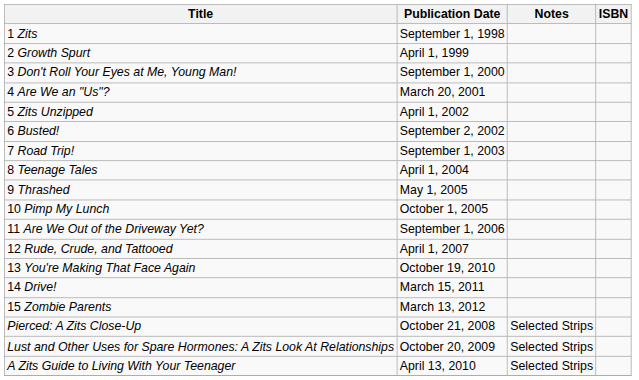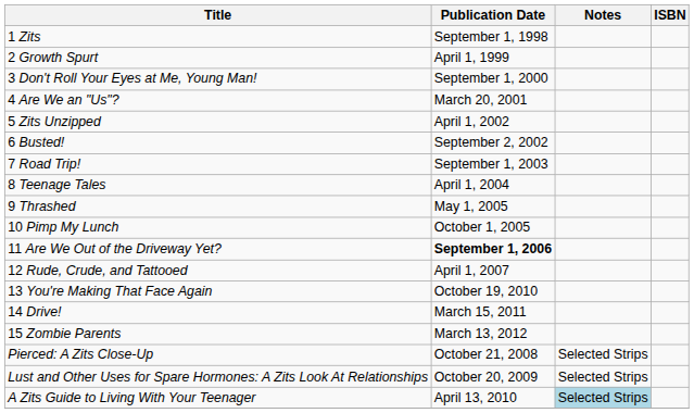 <table class="wikitable" and numbers>
 <tr>
 <th>Title</th>
 <th>Publication Date</th>
 <th>Notes</th>
 <th>ISBN</th>
 </tr>
 <tr>
 <td>1 <em>Zits</em></td>
 <td>September 1, 1998</td>
 <td></td>
 <td></td>
 </tr>
 <tr>
 <td>2 <em>Growth Spurt</em></td>
 <td>April 1, 1999</td>
 <td></td>
 <td></td>
 </tr>
 <tr>
 <td>3 <em>Don't Roll Your Eyes at Me, Young Man!</em></td>
 <td>September 1, 2000</td>
 <td></td>
 <td></td>
 </tr>
 <tr>
 <td>4 <em>Are We an "Us"?</em></td>
 <td>March 20, 2001</td>
 <td></td>
 <td></td>
 </tr>
 <tr>
 <td>5 <em>Zits Unzipped</em></td>
 <td>April 1, 2002</td>
 <td></td>
 <td></td>
 </tr>
 <tr>
 <td>6 <em>Busted!</em></td>
 <td>September 2, 2002</td>
 <td></td>
 <td></td>
 </tr>
 <tr>
 <td>7 <em>Road Trip!</em></td>
 <td>September 1, 2003</td>
 <td></td>
 <td></td>
 </tr>
 <tr>
 <td>8 <em>Teenage Tales</em></td>
 <td>April 1, 2004</td>
 <td></td>
 <td></td>
 </tr>
 <tr>
 <td>9 <em>Thrashed</em></td>
 <td>May 1, 2005</td>
 <td></td>
 <td></td>
 </tr>
 <tr>
 <td>10 <em>Pimp My Lunch</em></td>
 <td>October 1, 2005</td>
 <td></td>
 <td></td>
 </tr>
 <tr>
 <td>11 <em>Are We Out of the Driveway Yet?</em></td>
-<td>September 1, 2006</td>
+<td><strong>September 1, 2006</strong></td>
 <td></td>
 <td></td>
 </tr>
 <tr>
 <td>12 <em>Rude, Crude, and Tattooed</em></td>
 <td>April 1, 2007</td>
 <td></td>
 <td></td>
 </tr>
 <tr>
 <td>13 <em>You're Making That Face Again</em></td>
 <td>October 19, 2010</td>
 <td></td>
 <td></td>
 </tr>
 <tr>
 <td>14 <em>Drive!</em></td>
 <td>March 15, 2011</td>
 <td></td>
 <td></td>
 </tr>
 <tr>
 <td>15 <em>Zombie Parents</em></td>
 <td>March 13, 2012</td>
 <td></td>
 <td></td>
 </tr>
 <tr>
 <td><em>Pierced: A Zits Close-Up</em></td>
 <td>October 21, 2008</td>
 <td>Selected Strips</td>
 <td></td>
 </tr>
 <tr>
 <td><em>Lust and Other Uses for Spare Hormones: A Zits Look At Relationships</em></td>
 <td>October 20, 2009</td>
 <td>Selected Strips</td>
 <td></td>
 </tr>
 <tr>
 <td><em>A Zits Guide to Living With Your Teenager</em></td>
 <td>April 13, 2010</td>
-<td>Selected Strips</td>
+<td style="background: lightblue;">Selected Strips</td>
 <td></td>
 </tr>
 <tr>
 </tr>
 </table>
